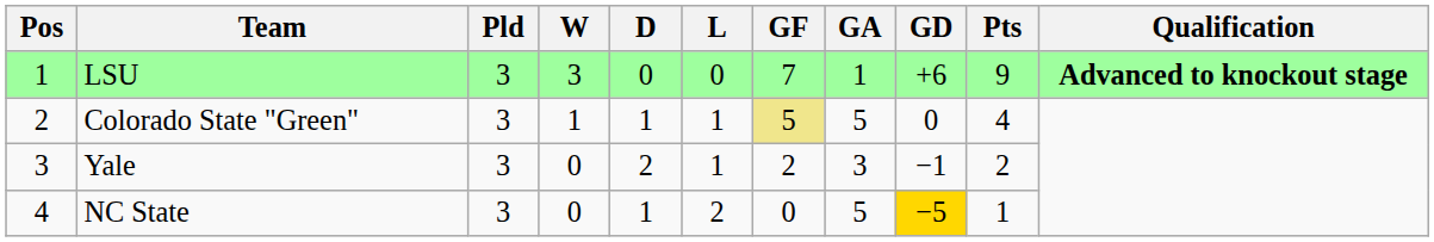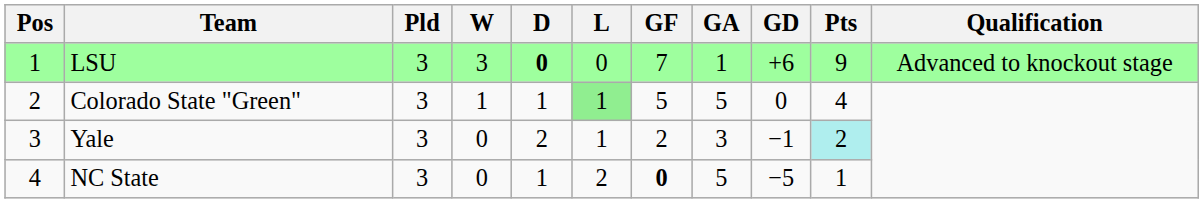 <table class="wikitable" style="text-align:center; margin: 1em auto">
 <tr>
 <th style="width:2em">Pos</th>
 <th style="width:13em">Team</th>
 <th style="width:2em">Pld</th>
 <th style="width:2em">W</th>
 <th style="width:2em">D</th>
 <th style="width:2em">L</th>
 <th style="width:2em">GF</th>
 <th style="width:2em">GA</th>
 <th style="width:2em">GD</th>
 <th style="width:2em">Pts</th>
 <th style="width:13em">Qualification</th>
 </tr>
 <tr bgcolor="#9eff9e">
 <td>1</td>
 <td style="text-align:left">LSU</td>
 <td>3</td>
 <td>3</td>
-<td>0</td>
+<td><strong>0</strong></td>
 <td>0</td>
 <td>7</td>
 <td>1</td>
 <td>+6</td>
 <td>9</td>
-<td><strong>Advanced to knockout stage</strong></td>
+<td>Advanced to knockout stage</td>
 </tr>
 <tr>
 <td>2</td>
 <td style="text-align:left">Colorado State "Green"</td>
 <td>3</td>
 <td>1</td>
 <td>1</td>
-<td>1</td>
-<td style="background: khaki;">5</td>
+<td style="background: lightgreen;">1</td>
+<td>5</td>
 <td>5</td>
 <td>0</td>
 <td>4</td>
 <td rowspan="3"></td>
 </tr>
 <tr>
 <td>3</td>
 <td style="text-align:left">Yale</td>
 <td>3</td>
 <td>0</td>
 <td>2</td>
 <td>1</td>
 <td>2</td>
 <td>3</td>
 <td>−1</td>
-<td>2</td>
+<td style="background: paleturquoise;">2</td>
 </tr>
 <tr>
 <td>4</td>
 <td style="text-align:left">NC State</td>
 <td>3</td>
 <td>0</td>
 <td>1</td>
 <td>2</td>
-<td>0</td>
+<td><strong>0</strong></td>
 <td>5</td>
-<td style="background: gold;">−5</td>
+<td>−5</td>
 <td>1</td>
 </tr>
 </table>
